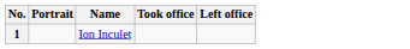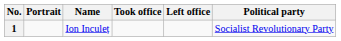 <table class="wikitable" style="text-align:center;">
 <tr>
 <th>No.</th>
 <th>Portrait</th>
 <th>Name<br></th>
 <th>Took office</th>
 <th>Left office</th>
+<th>Political party</th>
 </tr>
 <tr>
 <th style="background:">1</th>
 <td></td>
 <td><a href='#'>Ion Inculeț</a><br></td>
 <td></td>
 <td></td>
+<td><a href='#'>Socialist Revolutionary Party</a></td>
 </tr>
 </table>
